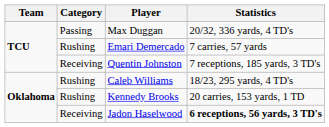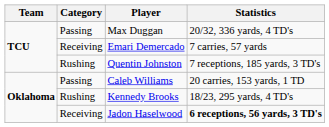 <table class="wikitable" style="float: right;">
 <tr>
 <th>Team</th>
 <th>Category</th>
 <th>Player</th>
 <th>Statistics</th>
 </tr>
 <tr>
 <td rowspan=3><strong>TCU</strong></td>
 <td>Passing</td>
 <td>Max Duggan</td>
 <td>20/32, 336 yards, 4 TD's</td>
 </tr>
 <tr>
-<td>Rushing</td>
+<td>Receiving</td>
 <td><a href='#'>Emari Demercado</a></td>
 <td>7 carries, 57 yards</td>
 </tr>
 <tr>
-<td>Receiving</td>
+<td>Rushing</td>
 <td><a href='#'>Quentin Johnston</a></td>
 <td>7 receptions, 185 yards, 3 TD's</td>
 </tr>
 <tr>
 <td rowspan=3><strong>Oklahoma</strong></td>
-<td>Rushing</td>
+<td>Passing</td>
 <td><a href='#'>Caleb Williams</a></td>
-<td>18/23, 295 yards, 4 TD's</td>
+<td>20 carries, 153 yards, 1 TD</td>
 </tr>
 <tr>
 <td>Rushing</td>
 <td><a href='#'>Kennedy Brooks</a></td>
-<td>20 carries, 153 yards, 1 TD</td>
+<td>18/23, 295 yards, 4 TD's</td>
 </tr>
 <tr>
 <td>Receiving</td>
 <td><a href='#'>Jadon Haselwood</a></td>
 <td><strong>6 receptions, 56 yards, 3 TD's</strong></td>
 </tr>
 </table>
